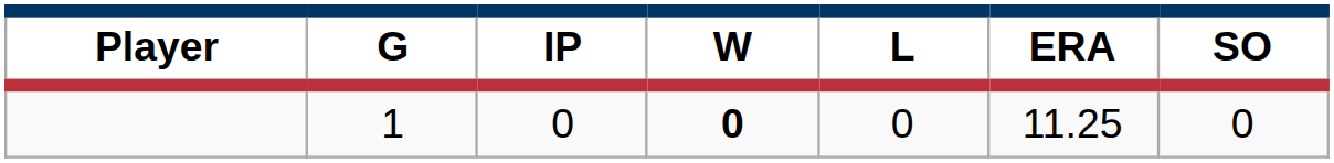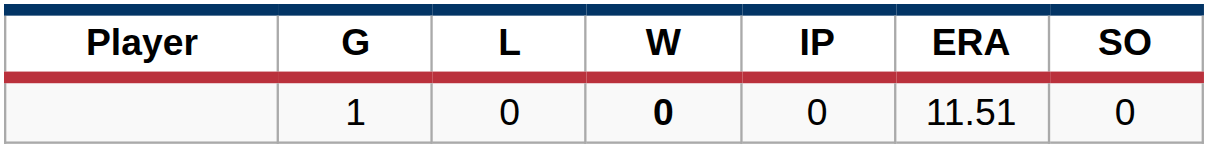 <table class="wikitable sortable">
 <tr>
 <th style="background:#FFFFFF; border-top:#023465 5px solid; border-bottom:#ba313c 5px solid;" width="16%">Player</th>
 <th style="background:#FFFFFF; border-top:#023465 5px solid; border-bottom:#ba313c 5px solid;" width="9%">G</th>
+<th style="background:#FFFFFF; border-top:#023465 5px solid; border-bottom:#ba313c 5px solid;" width="9%">L</th>
+<th style="background:#FFFFFF; border-top:#023465 5px solid; border-bottom:#ba313c 5px solid;" width="9%">W</th>
 <th style="background:#FFFFFF; border-top:#023465 5px solid; border-bottom:#ba313c 5px solid;" width="9%">IP</th>
-<th style="background:#FFFFFF; border-top:#023465 5px solid; border-bottom:#ba313c 5px solid;" width="9%">W</th>
-<th style="background:#FFFFFF; border-top:#023465 5px solid; border-bottom:#ba313c 5px solid;" width="9%">L</th>
 <th style="background:#FFFFFF; border-top:#023465 5px solid; border-bottom:#ba313c 5px solid;" width="9%">ERA</th>
 <th style="background:#FFFFFF; border-top:#023465 5px solid; border-bottom:#ba313c 5px solid;" width="9%">SO</th>
 </tr>
 <tr align="center">
 <td></td>
 <td>1</td>
 <td>0</td>
 <td><strong>0</strong></td>
 <td>0</td>
-<td>11.25</td>
+<td>11.51</td>
 <td>0</td>
 </tr>
 </table>
